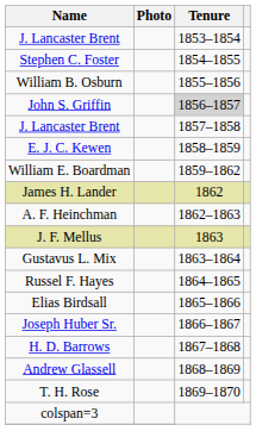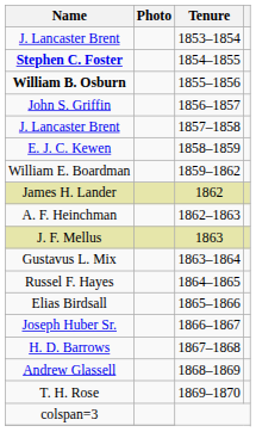 <table class="wikitable plainrowheaders" style="text-align:center;">
 <tr>
 <th>Name</th>
 <th>Photo</th>
 <th>Tenure</th>
 <th></th>
 </tr>
 <tr>
 <td><a href='#'>J. Lancaster Brent</a></td>
 <td></td>
 <td>1853–1854</td>
 <td></td>
 </tr>
 <tr>
-<td><a href='#'>Stephen C. Foster</a></td>
+<td><strong><a href='#'>Stephen C. Foster</a></strong></td>
 <td></td>
 <td>1854–1855</td>
 <td></td>
 </tr>
 <tr>
-<td>William B. Osburn</td>
+<td><strong>William B. Osburn</strong></td>
 <td></td>
 <td>1855–1856</td>
 <td></td>
 </tr>
 <tr>
 <td><a href='#'>John S. Griffin</a></td>
 <td></td>
-<td style="background: lightgrey;">1856–1857</td>
+<td>1856–1857</td>
 <td></td>
 </tr>
 <tr>
 <td><a href='#'>J. Lancaster Brent</a></td>
 <td></td>
 <td>1857–1858</td>
 <td></td>
 </tr>
 <tr>
 <td><a href='#'>E. J. C. Kewen</a></td>
 <td></td>
 <td>1858–1859</td>
 <td></td>
 </tr>
 <tr>
 <td>William E. Boardman</td>
 <td></td>
 <td>1859–1862</td>
 <td></td>
 </tr>
 <tr bgcolor=#E6E6AA>
 <td>James H. Lander</td>
 <td></td>
 <td>1862</td>
 <td></td>
 </tr>
 <tr>
 <td>A. F. Heinchman</td>
 <td></td>
 <td>1862–1863</td>
 <td></td>
 </tr>
 <tr bgcolor=#E6E6AA>
 <td>J. F. Mellus</td>
 <td></td>
 <td>1863</td>
 <td></td>
 </tr>
 <tr>
 <td>Gustavus L. Mix</td>
 <td></td>
 <td>1863–1864</td>
 <td></td>
 </tr>
 <tr>
 <td>Russel F. Hayes</td>
 <td></td>
 <td>1864–1865</td>
 <td></td>
 </tr>
 <tr>
 <td>Elias Birdsall</td>
 <td></td>
 <td>1865–1866</td>
 <td></td>
 </tr>
 <tr>
 <td><a href='#'>Joseph Huber Sr.</a></td>
 <td></td>
 <td>1866–1867</td>
 <td></td>
 </tr>
 <tr>
 <td><a href='#'>H. D. Barrows</a></td>
 <td></td>
 <td>1867–1868</td>
 <td></td>
 </tr>
 <tr>
 <td><a href='#'>Andrew Glassell</a></td>
 <td></td>
 <td>1868–1869</td>
 <td></td>
 </tr>
 <tr>
 <td>T. H. Rose</td>
 <td></td>
 <td>1869–1870</td>
 <td></td>
 </tr>
 <tr>
 <td>colspan=3 </td>
 <td></td>
 </tr>
 <tr>
 </tr>
 </table>
